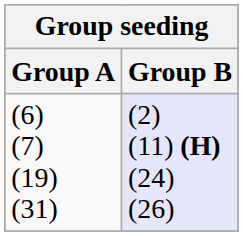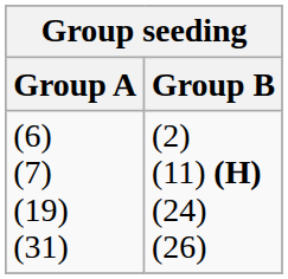 <table class="wikitable collapsible collapsed">
 <tr>
 <th colspan=2>Group seeding</th>
 </tr>
 <tr>
 <th>Group A</th>
 <th>Group B</th>
 </tr>
 <tr>
 <td valign=top> (6)<br> (7)<br> (19)<br> (31)</td>
-<td valign=top style="background: lavender;"> (2)<br> (11) <strong>(H)</strong><br> (24)<br> (26)</td>
+<td valign=top> (2)<br> (11) <strong>(H)</strong><br> (24)<br> (26)</td>
 </tr>
 </table>
